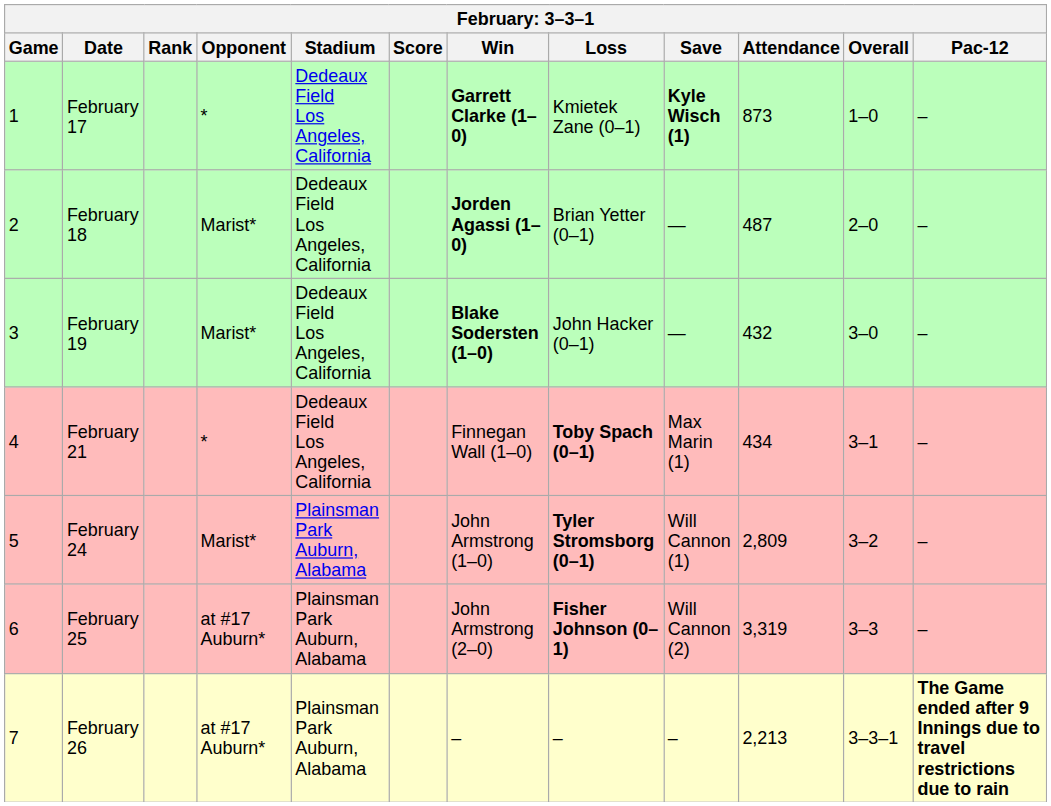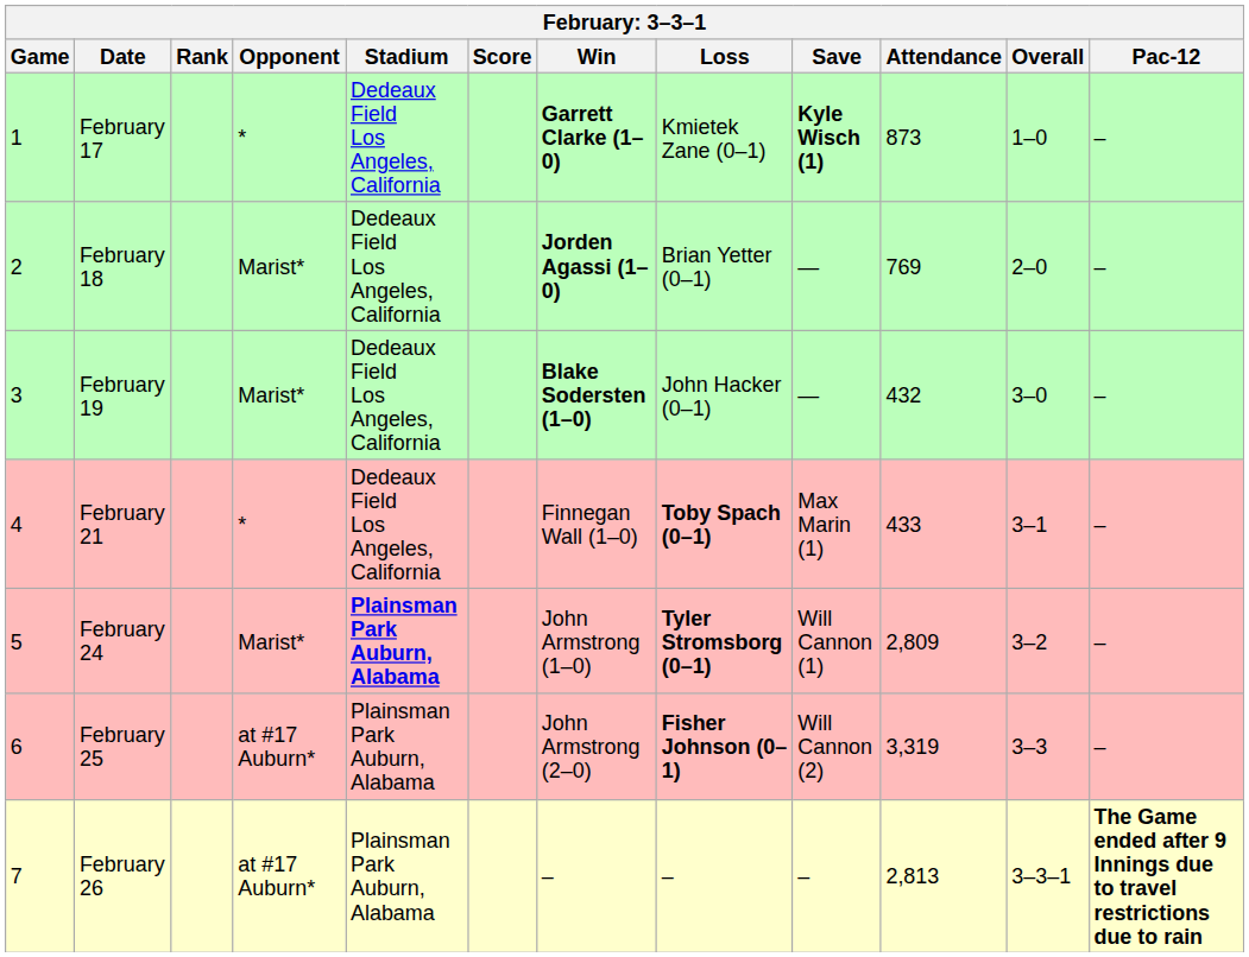 <table class="wikitable collapsible collapsed" style="margin:auto; font-size:95%; width:100%">
 <tr>
 <th colspan=12>February: 3–3–1</th>
 </tr>
 <tr>
 <th>Game</th>
 <th>Date</th>
 <th>Rank</th>
 <th>Opponent</th>
 <th>Stadium</th>
 <th>Score</th>
 <th>Win</th>
 <th>Loss</th>
 <th>Save</th>
 <th>Attendance</th>
 <th>Overall</th>
 <th>Pac-12</th>
 </tr>
 <tr style="background:#bfb;">
 <td>1</td>
 <td>February 17</td>
 <td></td>
 <td>*</td>
 <td><a href='#'>Dedeaux Field</a><br><a href='#'>Los Angeles, California</a></td>
 <td></td>
 <td><strong>Garrett Clarke (1–0)</strong></td>
 <td>Kmietek Zane (0–1)</td>
 <td><strong>Kyle Wisch (1)</strong></td>
 <td>873</td>
 <td>1–0</td>
 <td>–</td>
 </tr>
 <tr style="background:#bfb;">
 <td>2</td>
 <td>February 18</td>
 <td></td>
 <td>Marist*</td>
 <td>Dedeaux Field<br>Los Angeles, California</td>
 <td></td>
 <td><strong>Jorden Agassi (1–0)</strong></td>
 <td>Brian Yetter (0–1)</td>
 <td>—</td>
-<td>487</td>
+<td>769</td>
 <td>2–0</td>
 <td>–</td>
 </tr>
 <tr style="background:#bfb;">
 <td>3</td>
 <td>February 19</td>
 <td></td>
 <td>Marist*</td>
 <td>Dedeaux Field<br>Los Angeles, California</td>
 <td></td>
 <td><strong>Blake Sodersten (1–0)</strong></td>
 <td>John Hacker (0–1)</td>
 <td>—</td>
 <td>432</td>
 <td>3–0</td>
 <td>–</td>
 </tr>
 <tr style="background:#fbb;">
 <td>4</td>
 <td>February 21</td>
 <td></td>
 <td>*</td>
 <td>Dedeaux Field<br>Los Angeles, California</td>
 <td></td>
 <td>Finnegan Wall (1–0)</td>
 <td><strong>Toby Spach (0–1)</strong></td>
 <td>Max Marin (1)</td>
-<td>434</td>
+<td>433</td>
 <td>3–1</td>
 <td>–</td>
 </tr>
 <tr style="background:#fbb;">
 <td>5</td>
 <td>February 24</td>
 <td></td>
 <td>Marist*</td>
-<td><a href='#'>Plainsman Park</a><br><a href='#'>Auburn, Alabama</a></td>
+<td><strong><a href='#'>Plainsman Park</a><br><a href='#'>Auburn, Alabama</a></strong></td>
 <td></td>
 <td>John Armstrong (1–0)</td>
 <td><strong>Tyler Stromsborg (0–1)</strong></td>
 <td>Will Cannon (1)</td>
 <td>2,809</td>
 <td>3–2</td>
 <td>–</td>
 </tr>
 <tr style="background:#fbb;">
 <td>6</td>
 <td>February 25</td>
 <td></td>
 <td>at #17 Auburn*</td>
 <td>Plainsman Park<br>Auburn, Alabama</td>
 <td></td>
 <td>John Armstrong (2–0)</td>
 <td><strong>Fisher Johnson (0–1)</strong></td>
 <td>Will Cannon (2)</td>
 <td>3,319</td>
 <td>3–3</td>
 <td>–</td>
 </tr>
 <tr style="background:#ffc;">
 <td>7</td>
 <td>February 26</td>
 <td></td>
 <td>at #17 Auburn*</td>
 <td>Plainsman Park<br>Auburn, Alabama</td>
 <td></td>
 <td>–</td>
 <td>–</td>
 <td>–</td>
-<td>2,213</td>
+<td>2,813</td>
 <td>3–3–1</td>
 <td><strong>The Game ended after 9 Innings due to travel restrictions due to rain</strong></td>
 </tr>
 </table>
